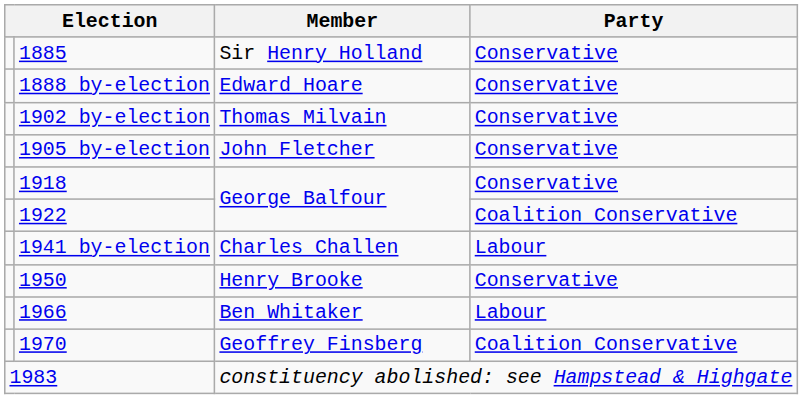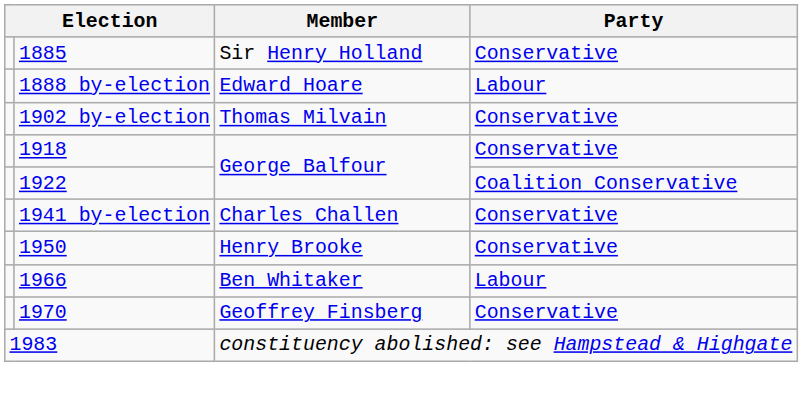 <table class="wikitable">
 <tr>
 <th colspan="2">Election</th>
 <th>Member</th>
 <th>Party</th>
 </tr>
 <tr>
 <td style="color:inherit;background-color: "></td>
 <td><a href='#'>1885</a></td>
 <td>Sir <a href='#'>Henry Holland</a></td>
 <td><a href='#'>Conservative</a></td>
 </tr>
 <tr>
 <td style="color:inherit;background-color: "></td>
 <td><a href='#'>1888 by-election</a></td>
 <td><a href='#'>Edward Hoare</a></td>
-<td><a href='#'>Conservative</a></td>
+<td><a href='#'>Labour</a></td>
 </tr>
 <tr>
 <td style="color:inherit;background-color: "></td>
 <td><a href='#'>1902 by-election</a></td>
 <td><a href='#'>Thomas Milvain</a></td>
-<td><a href='#'>Conservative</a></td>
-</tr>
-<tr>
-<td style="color:inherit;background-color: "></td>
-<td><a href='#'>1905 by-election</a></td>
-<td><a href='#'>John Fletcher</a></td>
 <td><a href='#'>Conservative</a></td>
 </tr>
 <tr>
 <td style="color:inherit;background-color: "></td>
 <td><a href='#'>1918</a></td>
 <td rowspan="2"><a href='#'>George Balfour</a></td>
 <td><a href='#'>Conservative</a></td>
 </tr>
 <tr>
 <td style="color:inherit;background-color: "></td>
 <td><a href='#'>1922</a></td>
 <td><a href='#'>Coalition Conservative</a></td>
 </tr>
 <tr>
 <td style="color:inherit;background-color: "></td>
 <td><a href='#'>1941 by-election</a></td>
 <td><a href='#'>Charles Challen</a></td>
-<td><a href='#'>Labour</a></td>
+<td><a href='#'>Conservative</a></td>
 </tr>
 <tr>
 <td style="color:inherit;background-color: "></td>
 <td><a href='#'>1950</a></td>
 <td><a href='#'>Henry Brooke</a></td>
 <td><a href='#'>Conservative</a></td>
 </tr>
 <tr>
 <td style="color:inherit;background-color: "></td>
 <td><a href='#'>1966</a></td>
 <td><a href='#'>Ben Whitaker</a></td>
 <td><a href='#'>Labour</a></td>
 </tr>
 <tr>
 <td style="color:inherit;background-color: "></td>
 <td><a href='#'>1970</a></td>
 <td><a href='#'>Geoffrey Finsberg</a></td>
-<td><a href='#'>Coalition Conservative</a></td>
+<td><a href='#'>Conservative</a></td>
 </tr>
 <tr>
 <td colspan="2"><a href='#'>1983</a></td>
 <td colspan="2"><em>constituency abolished: see <a href='#'>Hampstead & Highgate</a></em></td>
 </tr>
 </table>
